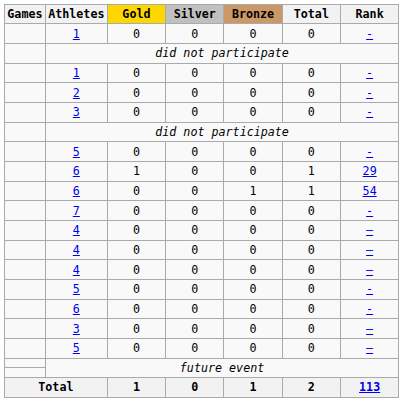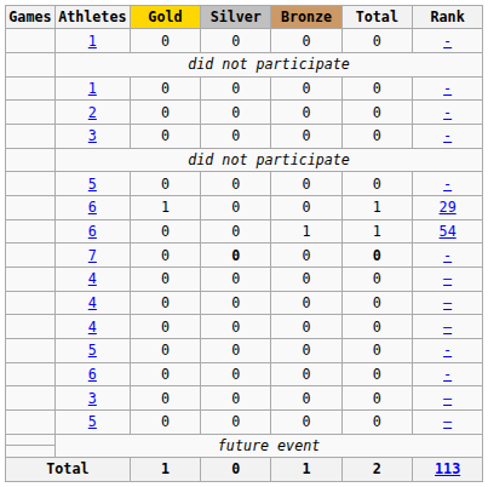 <table class="wikitable" style="text-align:center; font-size:90%;">
 <tr>
 <th>Games</th>
 <th>Athletes</th>
 <td style="background:gold; width:4.5em; font-weight:bold;">Gold</td>
 <td style="background:silver; width:4.5em; font-weight:bold;">Silver</td>
 <td style="background:#cc9966; width:4.5em; font-weight:bold;">Bronze</td>
 <th style="width:4.5em; font-weight:bold;">Total</th>
 <th style="width:4.5em; font-weight:bold;">Rank</th>
 </tr>
 <tr>
 <td align=left></td>
 <td><a href='#'>1</a></td>
 <td>0</td>
 <td>0</td>
 <td>0</td>
 <td>0</td>
 <td><a href='#'>-</a></td>
 </tr>
 <tr>
 <td align=left></td>
 <td colspan=6><em>did not participate</em></td>
 </tr>
 <tr>
 <td align=left></td>
 <td><a href='#'>1</a></td>
 <td>0</td>
 <td>0</td>
 <td>0</td>
 <td>0</td>
 <td><a href='#'>-</a></td>
 </tr>
 <tr>
 <td align=left></td>
 <td><a href='#'>2</a></td>
 <td>0</td>
 <td>0</td>
 <td>0</td>
 <td>0</td>
 <td><a href='#'>-</a></td>
 </tr>
 <tr>
 <td align=left></td>
 <td><a href='#'>3</a></td>
 <td>0</td>
 <td>0</td>
 <td>0</td>
 <td>0</td>
 <td><a href='#'>-</a></td>
 </tr>
 <tr>
 <td align=left></td>
 <td colspan=6><em>did not participate</em></td>
 </tr>
 <tr>
 <td align=left></td>
 <td><a href='#'>5</a></td>
 <td>0</td>
 <td>0</td>
 <td>0</td>
 <td>0</td>
 <td><a href='#'>-</a></td>
 </tr>
 <tr>
 <td align=left></td>
 <td><a href='#'>6</a></td>
 <td>1</td>
 <td>0</td>
 <td>0</td>
 <td>1</td>
 <td><a href='#'>29</a></td>
 </tr>
 <tr>
 <td align=left></td>
 <td><a href='#'>6</a></td>
 <td>0</td>
 <td>0</td>
 <td>1</td>
 <td>1</td>
 <td><a href='#'>54</a></td>
 </tr>
 <tr>
 <td align=left></td>
 <td><a href='#'>7</a></td>
 <td>0</td>
+<td><strong>0</strong></td>
 <td>0</td>
-<td>0</td>
-<td>0</td>
+<td><strong>0</strong></td>
 <td><a href='#'>-</a></td>
 </tr>
 <tr>
 <td align=left></td>
 <td><a href='#'>4</a></td>
 <td>0</td>
 <td>0</td>
 <td>0</td>
 <td>0</td>
 <td><a href='#'>–</a></td>
 </tr>
 <tr>
 <td align=left></td>
 <td><a href='#'>4</a></td>
 <td>0</td>
 <td>0</td>
 <td>0</td>
 <td>0</td>
 <td><a href='#'>–</a></td>
 </tr>
 <tr>
 <td align=left></td>
 <td><a href='#'>4</a></td>
 <td>0</td>
 <td>0</td>
 <td>0</td>
 <td>0</td>
 <td><a href='#'>–</a></td>
 </tr>
 <tr>
 <td align=left></td>
 <td><a href='#'>5</a></td>
 <td>0</td>
 <td>0</td>
 <td>0</td>
 <td>0</td>
 <td><a href='#'>-</a></td>
 </tr>
 <tr>
 <td align=left></td>
 <td><a href='#'>6</a></td>
 <td>0</td>
 <td>0</td>
 <td>0</td>
 <td>0</td>
 <td><a href='#'>-</a></td>
 </tr>
 <tr>
 <td align=left></td>
 <td><a href='#'>3</a></td>
 <td>0</td>
 <td>0</td>
 <td>0</td>
 <td>0</td>
 <td><a href='#'>–</a></td>
 </tr>
 <tr>
 <td align=left></td>
 <td><a href='#'>5</a></td>
 <td>0</td>
 <td>0</td>
 <td>0</td>
 <td>0</td>
 <td><a href='#'>–</a></td>
 </tr>
 <tr>
 <td align=left></td>
 <td colspan=6; rowspan=2><em>future event</em></td>
 </tr>
 <tr>
 <td align=left></td>
 </tr>
 <tr>
 <th colspan=2>Total</th>
 <th>1</th>
 <th>0</th>
 <th>1</th>
 <th>2</th>
 <th><a href='#'>113</a></th>
 </tr>
 </table>
